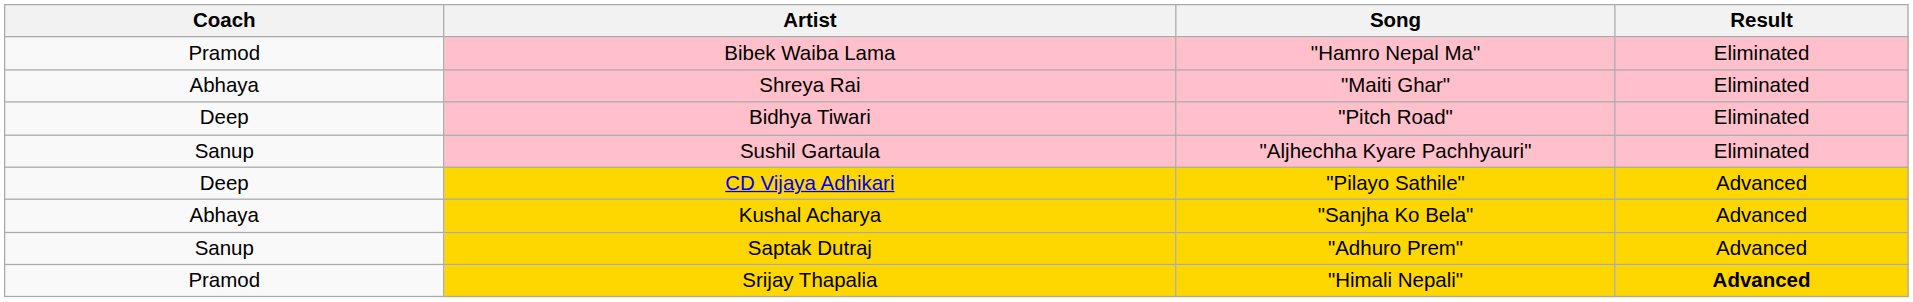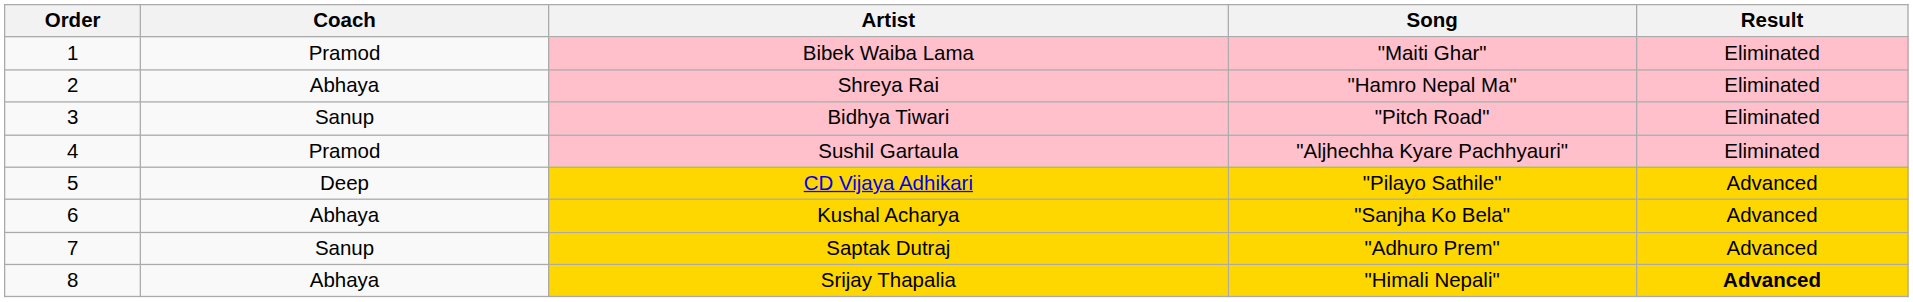 <table class="wikitable plainrowheaders" style="text-align:center; width:75%;">
 <tr>
+<th scope="col" style="width:05%;">Order</th>
 <th scope="col" style="width:15%;">Coach</th>
 <th scope="col" style="width:25%;">Artist</th>
 <th scope="col" style="width:15%;">Song</th>
 <th scope="col" style="width:10%;">Result</th>
 </tr>
 <tr>
+<td scope="row">1</td>
 <td>Pramod</td>
 <td style="background:pink">Bibek Waiba Lama</td>
+<td style="background:pink">"Maiti Ghar"</td>
+<td style="background:pink">Eliminated</td>
+</tr>
+<tr>
+<td scope="row">2</td>
+<td>Abhaya</td>
+<td style="background:pink">Shreya Rai</td>
 <td style="background:pink">"Hamro Nepal Ma"</td>
 <td style="background:pink">Eliminated</td>
 </tr>
 <tr>
-<td>Abhaya</td>
-<td style="background:pink">Shreya Rai</td>
-<td style="background:pink">"Maiti Ghar"</td>
-<td style="background:pink">Eliminated</td>
-</tr>
-<tr>
-<td>Deep</td>
+<td scope="row">3</td>
+<td>Sanup</td>
 <td style="background:pink">Bidhya Tiwari</td>
 <td style="background:pink">"Pitch Road"</td>
 <td style="background:pink">Eliminated</td>
 </tr>
 <tr>
-<td>Sanup</td>
+<td scope="row">4</td>
+<td>Pramod</td>
 <td style="background:pink">Sushil Gartaula</td>
 <td style="background:pink">"Aljhechha Kyare Pachhyauri"</td>
 <td style="background:pink">Eliminated</td>
 </tr>
 <tr>
+<td scope="row">5</td>
 <td>Deep</td>
 <td style="background:gold"><a href='#'>CD Vijaya Adhikari</a></td>
 <td style="background:gold">"Pilayo Sathile"</td>
 <td style="background:gold">Advanced</td>
 </tr>
 <tr>
+<td scope="row">6</td>
 <td>Abhaya</td>
 <td style="background:gold">Kushal Acharya</td>
 <td style="background:gold">"Sanjha Ko Bela"</td>
 <td style="background:gold">Advanced</td>
 </tr>
 <tr>
+<td scope="row">7</td>
 <td>Sanup</td>
 <td style="background:gold">Saptak Dutraj</td>
 <td style="background:gold">"Adhuro Prem"</td>
 <td style="background:gold">Advanced</td>
 </tr>
 <tr>
-<td>Pramod</td>
+<td scope="row">8</td>
+<td>Abhaya</td>
 <td style="background:gold">Srijay Thapalia</td>
 <td style="background:gold">"Himali Nepali"</td>
 <td style="background:gold"><strong>Advanced</strong></td>
 </tr>
 </table>
